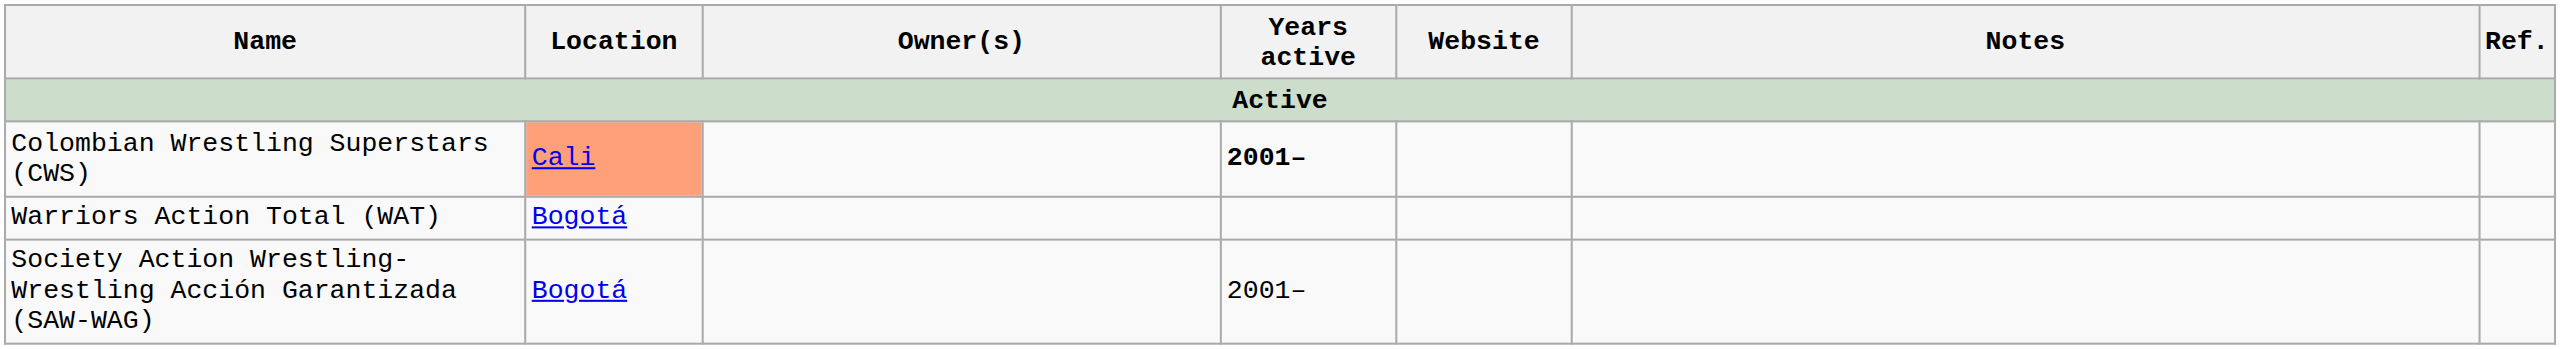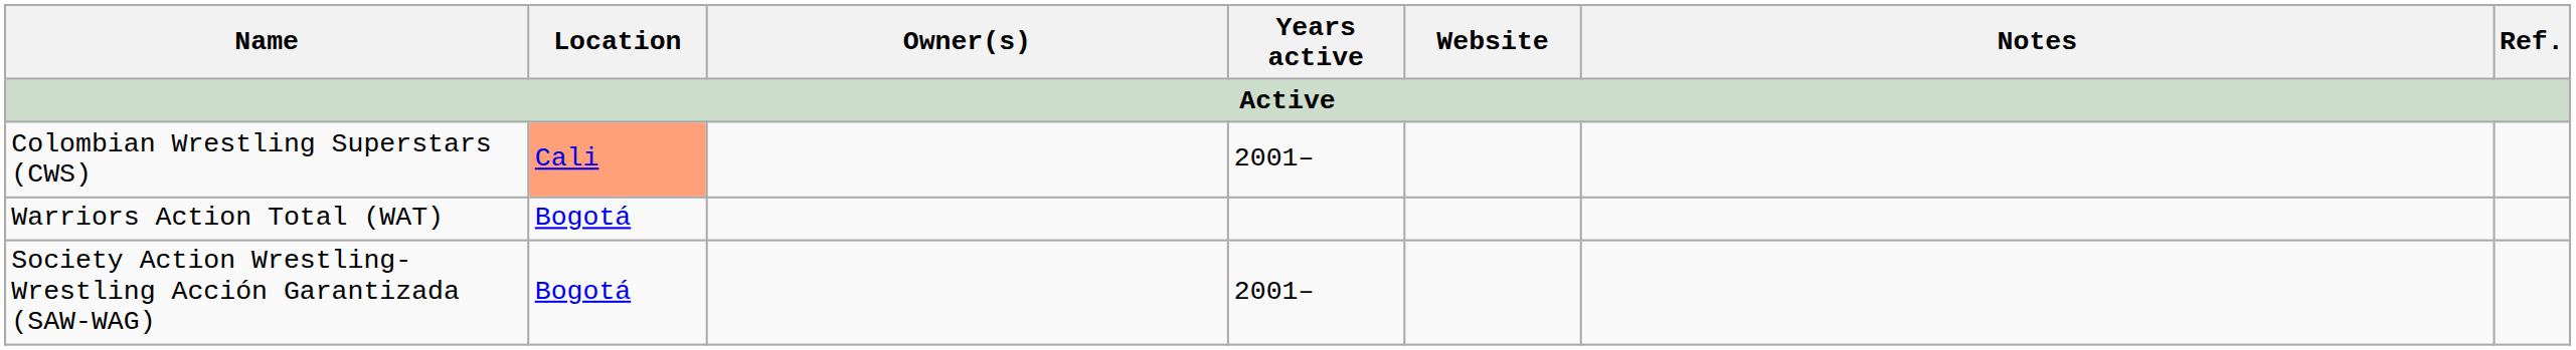 <table class="wikitable sortable" style="text-align: left;">
 <tr>
 <th width="21%">Name</th>
 <th width="7%">Location</th>
 <th width="21%">Owner(s)</th>
 <th width="7%">Years active</th>
 <th width="7%">Website</th>
 <th width="55%">Notes</th>
 <th>Ref.</th>
 </tr>
 <tr>
 <td colspan=7 style="background: #ccddcc;" align=center><strong>Active</strong></td>
 </tr>
 <tr>
 <td>Colombian Wrestling Superstars (CWS)</td>
 <td style="background: lightsalmon;"><a href='#'>Cali</a></td>
 <td></td>
-<td><strong>2001–</strong></td>
+<td>2001–</td>
 <td></td>
 <td></td>
 <td></td>
 </tr>
 <tr>
 <td>Warriors Action Total (WAT)</td>
 <td><a href='#'>Bogotá</a></td>
 <td></td>
 <td></td>
 <td></td>
 <td></td>
 <td></td>
 </tr>
 <tr>
 <td>Society Action Wrestling-Wrestling Acción Garantizada (SAW-WAG)</td>
 <td><a href='#'>Bogotá</a></td>
 <td></td>
 <td>2001–</td>
 <td></td>
 <td></td>
 <td></td>
 </tr>
 </table>
